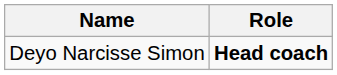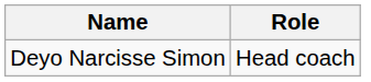 <table class="wikitable">
 <tr>
 <th>Name</th>
 <th>Role</th>
 </tr>
 <tr>
 <td> Deyo Narcisse Simon</td>
-<td><strong>Head coach</strong></td>
+<td>Head coach</td>
 </tr>
 </table>
